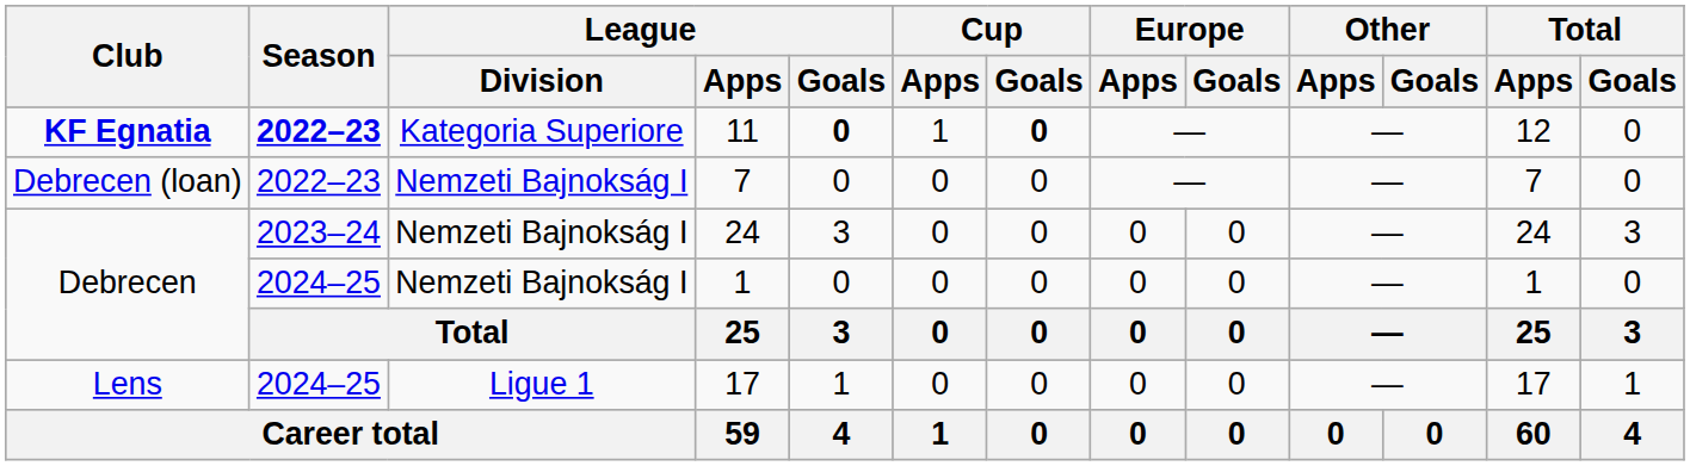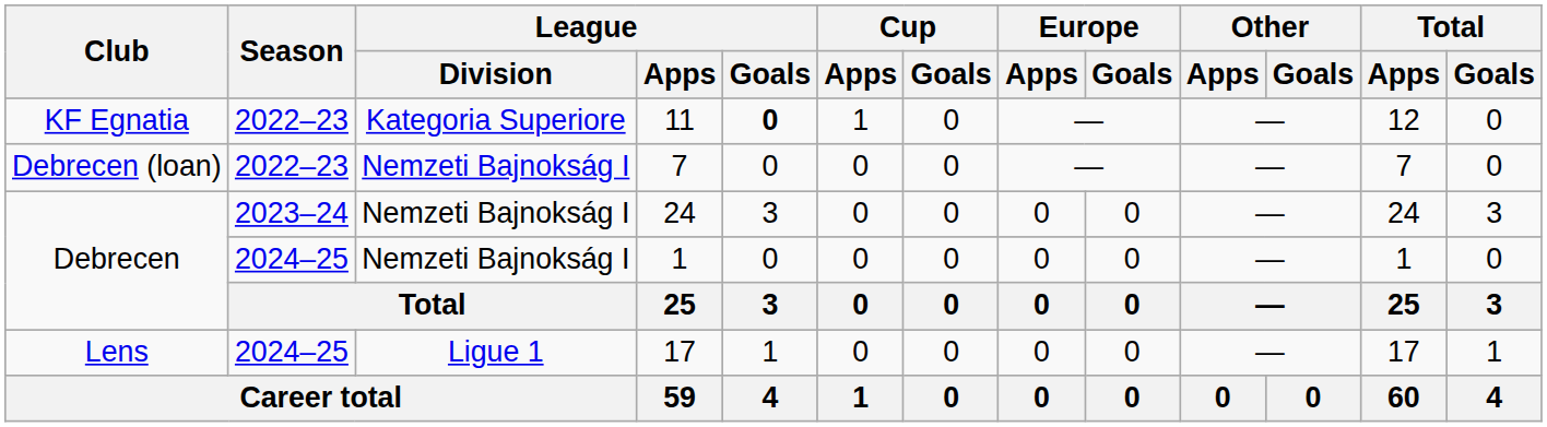 <table class="wikitable" style="text-align: center;">
 <tr>
 <th rowspan="2">Club</th>
 <th rowspan="2">Season</th>
 <th colspan="3">League</th>
 <th colspan="2">Cup</th>
 <th colspan="2">Europe</th>
 <th colspan="2">Other</th>
 <th colspan="2">Total</th>
 </tr>
 <tr>
 <th>Division</th>
 <th>Apps</th>
 <th>Goals</th>
 <th>Apps</th>
 <th>Goals</th>
 <th>Apps</th>
 <th>Goals</th>
 <th>Apps</th>
 <th>Goals</th>
 <th>Apps</th>
 <th>Goals</th>
 </tr>
 <tr>
-<td><strong><a href='#'>KF Egnatia</a></strong></td>
-<td><strong><a href='#'>2022–23</a></strong></td>
+<td><a href='#'>KF Egnatia</a></td>
+<td><a href='#'>2022–23</a></td>
 <td><a href='#'>Kategoria Superiore</a></td>
 <td>11</td>
 <td><strong>0</strong></td>
 <td>1</td>
-<td><strong>0</strong></td>
+<td>0</td>
 <td colspan="2">—</td>
 <td colspan="2">—</td>
 <td>12</td>
 <td>0</td>
 </tr>
 <tr>
 <td><a href='#'>Debrecen</a> (loan)</td>
 <td><a href='#'>2022–23</a></td>
 <td><a href='#'>Nemzeti Bajnokság I</a></td>
 <td>7</td>
 <td>0</td>
 <td>0</td>
 <td>0</td>
 <td colspan="2">—</td>
 <td colspan="2">—</td>
 <td>7</td>
 <td>0</td>
 </tr>
 <tr>
 <td rowspan="3">Debrecen</td>
 <td><a href='#'>2023–24</a></td>
 <td>Nemzeti Bajnokság I</td>
 <td>24</td>
 <td>3</td>
 <td>0</td>
 <td>0</td>
 <td>0</td>
 <td>0</td>
 <td colspan="2">—</td>
 <td>24</td>
 <td>3</td>
 </tr>
 <tr>
 <td><a href='#'>2024–25</a></td>
 <td>Nemzeti Bajnokság I</td>
 <td>1</td>
 <td>0</td>
 <td>0</td>
 <td>0</td>
 <td>0</td>
 <td>0</td>
 <td colspan="2">—</td>
 <td>1</td>
 <td>0</td>
 </tr>
 <tr>
 <th colspan="2">Total</th>
 <th>25</th>
 <th>3</th>
 <th>0</th>
 <th>0</th>
 <th>0</th>
 <th>0</th>
 <th colspan="2">—</th>
 <th>25</th>
 <th>3</th>
 </tr>
 <tr>
 <td><a href='#'>Lens</a></td>
 <td><a href='#'>2024–25</a></td>
 <td><a href='#'>Ligue 1</a></td>
 <td>17</td>
 <td>1</td>
 <td>0</td>
 <td>0</td>
 <td>0</td>
 <td>0</td>
 <td colspan="2">—</td>
 <td>17</td>
 <td>1</td>
 </tr>
 <tr>
 <th colspan="3">Career total</th>
 <th>59</th>
 <th>4</th>
 <th>1</th>
 <th>0</th>
 <th>0</th>
 <th>0</th>
 <th>0</th>
 <th>0</th>
 <th>60</th>
 <th>4</th>
 </tr>
 </table>
